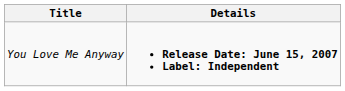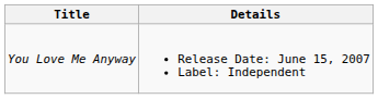 <table class="wikitable">
 <tr>
 <th>Title</th>
 <th>Details</th>
 </tr>
 <tr>
 <td><em>You Love Me Anyway</em></td>
-<td><strong><br><ul><li>Release Date: June 15, 2007</li><li>Label: Independent</li></ul></strong></td>
+<td><br><ul><li>Release Date: June 15, 2007</li><li>Label: Independent</li></ul></td>
 </tr>
 </table>
